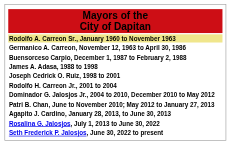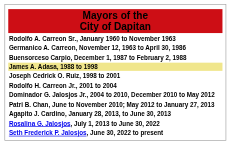 <table style="float:right; margin:1em 1em 1em 1em; width:22em; border: 1px solid #a0a0a0; padding: 3px; bg-color=yellow; text-align:right;">
 <tr style="text-align:center;">
 </tr>
 <tr bgcolor="cd0e15" align="center">
 <td><span><strong>Mayors of the<br> City of Dapitan</strong></span></td>
 </tr>
 <tr style="text-align:left; font-size:x-small;">
-<td style="background: khaki;"><strong>Rodolfo A. Carreon Sr., January 1960 to November 1963</strong></td>
+<td><strong>Rodolfo A. Carreon Sr., January 1960 to November 1963</strong></td>
 </tr>
 <tr style="text-align:left; font-size:x-small;">
 <td><strong>Germanico A. Carreon, November 12, 1963 to April 30, 1986</strong></td>
 </tr>
 <tr style="text-align:left; font-size:x-small;">
 <td><strong>Buensorceso Carpio, December 1, 1987 to February 2, 1988</strong></td>
 </tr>
 <tr style="text-align:left; font-size:x-small;">
-<td><strong>James A. Adasa, 1988 to 1998</strong></td>
+<td style="background: khaki;"><strong>James A. Adasa, 1988 to 1998</strong></td>
 </tr>
 <tr style="text-align:left; font-size:x-small;">
 <td><strong>Joseph Cedrick O. Ruiz, 1998 to 2001</strong></td>
 </tr>
 <tr style="text-align:left; font-size:x-small;">
 <td><strong>Rodolfo H. Carreon Jr., 2001 to 2004</strong></td>
 </tr>
 <tr style="text-align:left; font-size:x-small;">
 <td><strong>Dominador G. Jalosjos Jr., 2004 to 2010, December 2010 to May 2012</strong></td>
 </tr>
 <tr style="text-align:left; font-size:x-small;">
 <td><strong>Patri B. Chan, June to November 2010; May 2012 to January 27, 2013</strong></td>
 </tr>
 <tr style="text-align:left; font-size:x-small;">
 <td><strong>Agapito J. Cardino, January 28, 2013, to June 30, 2013</strong></td>
 </tr>
 <tr style="text-align:left; font-size:x-small;">
 <td><strong><a href='#'>Rosalina G. Jalosjos</a>, July 1, 2013 to June 30, 2022</strong></td>
 </tr>
 <tr style="text-align:left; font-size:x-small;">
 <td><strong><a href='#'>Seth Frederick P. Jalosjos</a>, June 30, 2022 to present</strong></td>
 </tr>
 </table>
